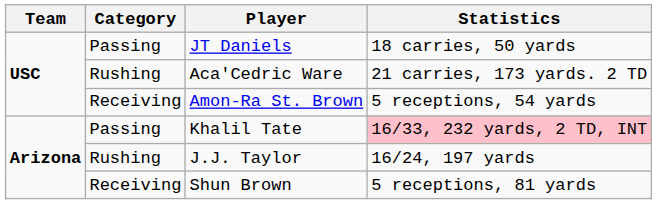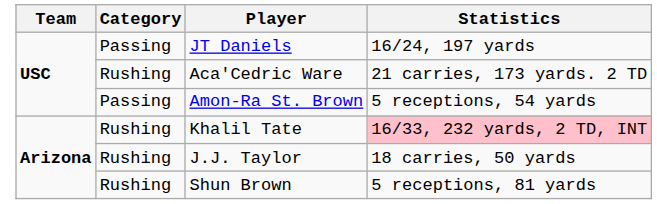 <table class="wikitable" style="float: right;">
 <tr>
 <th>Team</th>
 <th>Category</th>
 <th>Player</th>
 <th>Statistics</th>
 </tr>
 <tr>
 <td rowspan=3><strong>USC</strong></td>
 <td>Passing</td>
 <td><a href='#'>JT Daniels</a></td>
-<td>18 carries, 50 yards</td>
+<td>16/24, 197 yards</td>
 </tr>
 <tr>
 <td>Rushing</td>
 <td>Aca'Cedric Ware</td>
 <td>21 carries, 173 yards. 2 TD</td>
 </tr>
 <tr>
-<td>Receiving</td>
+<td>Passing</td>
 <td><a href='#'>Amon-Ra St. Brown</a></td>
 <td>5 receptions, 54 yards</td>
 </tr>
 <tr>
 <td rowspan=3><strong>Arizona</strong></td>
-<td>Passing</td>
+<td>Rushing</td>
 <td>Khalil Tate</td>
 <td style="background: pink;">16/33, 232 yards, 2 TD, INT</td>
 </tr>
 <tr>
 <td>Rushing</td>
 <td>J.J. Taylor</td>
-<td>16/24, 197 yards</td>
+<td>18 carries, 50 yards</td>
 </tr>
 <tr>
-<td>Receiving</td>
+<td>Rushing</td>
 <td>Shun Brown</td>
 <td>5 receptions, 81 yards</td>
 </tr>
 </table>
